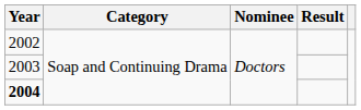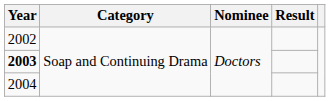 <table class="wikitable">
 <tr>
 <th>Year</th>
 <th>Category</th>
 <th>Nominee</th>
 <th>Result</th>
 <th></th>
 </tr>
 <tr>
 <td>2002</td>
 <td rowspan="3">Soap and Continuing Drama</td>
 <td rowspan="3"><em>Doctors</em></td>
 <td></td>
 <td align="center" rowspan="3"></td>
 </tr>
 <tr>
-<td>2003</td>
+<td><strong>2003</strong></td>
 <td></td>
 </tr>
 <tr>
-<td><strong>2004</strong></td>
+<td>2004</td>
 <td></td>
 </tr>
 </table>
